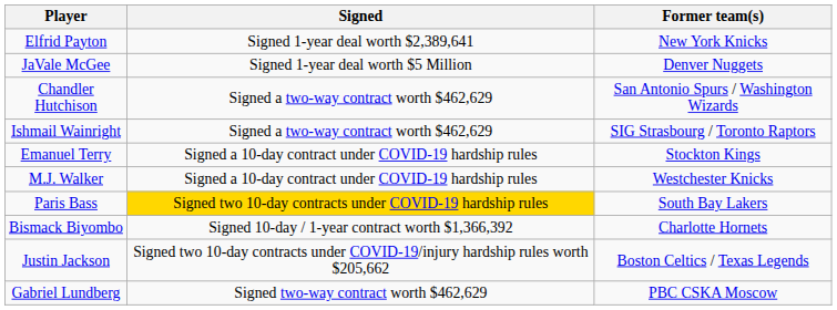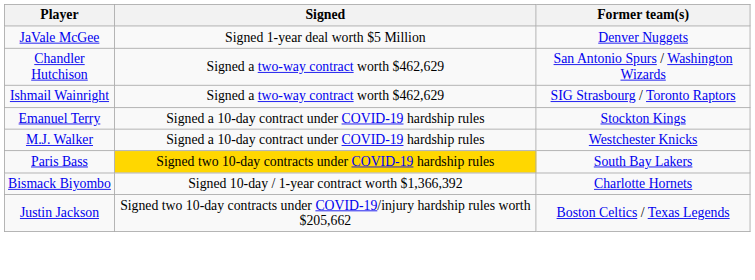 <table class="wikitable sortable sortable">
 <tr>
 <th>Player</th>
 <th>Signed</th>
 <th>Former team(s)</th>
-</tr>
-<tr style="text-align: center">
-<td><a href='#'>Elfrid Payton</a></td>
-<td>Signed 1-year deal worth $2,389,641</td>
-<td><a href='#'>New York Knicks</a></td>
 </tr>
 <tr style="text-align: center">
 <td><a href='#'>JaVale McGee</a></td>
 <td>Signed 1-year deal worth $5 Million</td>
 <td><a href='#'>Denver Nuggets</a></td>
 </tr>
 <tr style="text-align: center">
 <td><a href='#'>Chandler Hutchison</a></td>
 <td>Signed a <a href='#'>two-way contract</a> worth $462,629</td>
 <td><a href='#'>San Antonio Spurs</a> / <a href='#'>Washington Wizards</a></td>
 </tr>
 <tr style="text-align: center">
 <td><a href='#'>Ishmail Wainright</a></td>
 <td>Signed a <a href='#'>two-way contract</a> worth $462,629</td>
 <td> <a href='#'>SIG Strasbourg</a> /  <a href='#'>Toronto Raptors</a></td>
 </tr>
 <tr style="text-align: center">
 <td><a href='#'>Emanuel Terry</a></td>
 <td>Signed a 10-day contract under <a href='#'>COVID-19</a> hardship rules</td>
 <td><a href='#'>Stockton Kings</a></td>
 </tr>
 <tr style="text-align: center">
 <td><a href='#'>M.J. Walker</a></td>
 <td>Signed a 10-day contract under <a href='#'>COVID-19</a> hardship rules</td>
 <td><a href='#'>Westchester Knicks</a></td>
 </tr>
 <tr style="text-align: center">
 <td><a href='#'>Paris Bass</a></td>
 <td style="background: gold;">Signed two 10-day contracts under <a href='#'>COVID-19</a> hardship rules</td>
 <td><a href='#'>South Bay Lakers</a></td>
 </tr>
 <tr style="text-align: center">
 <td><a href='#'>Bismack Biyombo</a></td>
 <td>Signed 10-day / 1-year contract worth $1,366,392</td>
 <td><a href='#'>Charlotte Hornets</a></td>
 </tr>
 <tr style="text-align: center">
 <td><a href='#'>Justin Jackson</a></td>
 <td>Signed two 10-day contracts under <a href='#'>COVID-19</a>/injury hardship rules worth $205,662</td>
 <td><a href='#'>Boston Celtics</a> / <a href='#'>Texas Legends</a></td>
 </tr>
-<tr style="text-align: center">
-<td><a href='#'>Gabriel Lundberg</a></td>
-<td>Signed <a href='#'>two-way contract</a> worth $462,629</td>
-<td> <a href='#'>PBC CSKA Moscow</a></td>
-</tr>
 </table>
